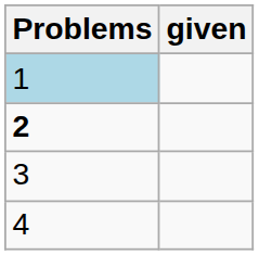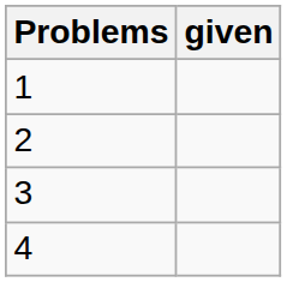 <table class="wikitable">
 <tr>
 <th>Problems</th>
 <th>given</th>
 </tr>
 <tr>
-<td style="background: lightblue;">1</td>
+<td>1</td>
 <td></td>
 </tr>
 <tr>
-<td><strong>2</strong></td>
+<td>2</td>
 <td></td>
 </tr>
 <tr>
 <td>3</td>
 <td></td>
 </tr>
 <tr>
 <td>4</td>
 <td></td>
 </tr>
 </table>
